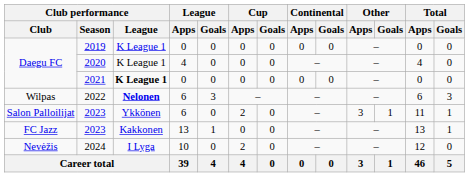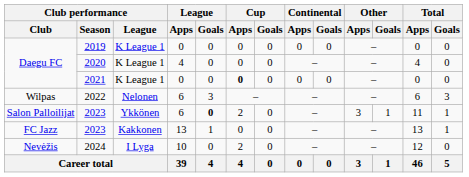 <table class="wikitable" style="text-align:center">
 <tr>
 <th colspan=3>Club performance</th>
 <th colspan=2>League</th>
 <th colspan=2>Cup</th>
 <th colspan=2>Continental</th>
 <th colspan=2>Other</th>
 <th colspan=2>Total</th>
 </tr>
 <tr>
 <th>Club</th>
 <th>Season</th>
 <th>League</th>
 <th>Apps</th>
 <th>Goals</th>
 <th>Apps</th>
 <th>Goals</th>
 <th>Apps</th>
 <th>Goals</th>
 <th>Apps</th>
 <th>Goals</th>
 <th>Apps</th>
 <th>Goals</th>
 </tr>
 <tr>
 <td rowspan="3"><a href='#'>Daegu FC</a></td>
 <td><a href='#'>2019</a></td>
 <td><a href='#'>K League 1</a></td>
 <td>0</td>
 <td>0</td>
 <td>0</td>
 <td>0</td>
 <td>0</td>
 <td>0</td>
 <td colspan=2>–</td>
 <td>0</td>
 <td>0</td>
 </tr>
 <tr>
 <td><a href='#'>2020</a></td>
 <td>K League 1</td>
 <td>4</td>
 <td>0</td>
 <td>0</td>
 <td>0</td>
 <td colspan="2">–</td>
 <td colspan=2>–</td>
 <td>4</td>
 <td>0</td>
 </tr>
 <tr>
 <td><a href='#'>2021</a></td>
-<td><strong>K League 1</strong></td>
+<td>K League 1</td>
 <td>0</td>
 <td>0</td>
-<td>0</td>
+<td><strong>0</strong></td>
 <td>0</td>
 <td>0</td>
 <td>0</td>
 <td colspan=2>–</td>
 <td>0</td>
 <td>0</td>
 </tr>
 <tr>
 <td>Wilpas</td>
 <td>2022</td>
-<td><strong><a href='#'>Nelonen</a></strong></td>
+<td><a href='#'>Nelonen</a></td>
 <td>6</td>
 <td>3</td>
 <td colspan=2>–</td>
 <td colspan=2>–</td>
 <td colspan=2>–</td>
 <td>6</td>
 <td>3</td>
 </tr>
 <tr>
 <td rowspan="1"><a href='#'>Salon Palloilijat</a></td>
 <td rowspan="1"><a href='#'>2023</a></td>
 <td rowspan="1"><a href='#'>Ykkönen</a></td>
 <td>6</td>
-<td>0</td>
+<td><strong>0</strong></td>
 <td>2</td>
 <td>0</td>
 <td colspan="2">–</td>
 <td>3</td>
 <td>1</td>
 <td>11</td>
 <td>1</td>
 </tr>
 <tr>
 <td rowspan="1"><a href='#'>FC Jazz</a></td>
 <td rowspan="1"><a href='#'>2023</a></td>
 <td rowspan="1"><a href='#'>Kakkonen</a></td>
 <td>13</td>
 <td>1</td>
 <td>0</td>
 <td>0</td>
 <td colspan="2">–</td>
 <td colspan=2>–</td>
 <td>13</td>
 <td>1</td>
 </tr>
 <tr>
 <td><a href='#'>Nevėžis</a></td>
 <td>2024</td>
 <td><a href='#'>I Lyga</a></td>
 <td>10</td>
 <td>0</td>
 <td>2</td>
 <td>0</td>
 <td colspan="2">–</td>
 <td colspan="2">–</td>
 <td>12</td>
 <td>0</td>
 </tr>
 <tr>
 <th colspan=3>Career total</th>
 <th>39</th>
 <th>4</th>
 <th>4</th>
 <th>0</th>
 <th>0</th>
 <th>0</th>
 <th>3</th>
 <th>1</th>
 <th>46</th>
 <th>5</th>
 </tr>
 </table>
